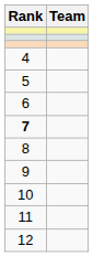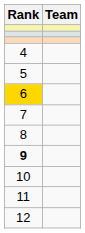 <table class="wikitable">
 <tr>
 <th>Rank</th>
 <th>Team</th>
 </tr>
 <tr style="background:#F7F6A8;">
 <td align=center></td>
 <td></td>
 </tr>
 <tr style="background:#DCE5E5;">
 <td align=center></td>
 <td></td>
 </tr>
 <tr style="background:#FFDAB9;">
 <td align=center></td>
 <td></td>
 </tr>
 <tr>
 <td align=center>4</td>
 <td></td>
 </tr>
 <tr>
 <td align=center>5</td>
 <td></td>
 </tr>
 <tr>
-<td align=center>6</td>
+<td align=center style="background: gold;">6</td>
 <td></td>
 </tr>
 <tr>
-<td align=center><strong>7</strong></td>
+<td align=center>7</td>
 <td></td>
 </tr>
 <tr>
 <td align=center>8</td>
 <td></td>
 </tr>
 <tr>
-<td align=center>9</td>
+<td align=center><strong>9</strong></td>
 <td></td>
 </tr>
 <tr>
 <td align=center>10</td>
 <td></td>
 </tr>
 <tr>
 <td align=center>11</td>
 <td></td>
 </tr>
 <tr>
 <td align=center>12</td>
 <td></td>
 </tr>
 </table>
